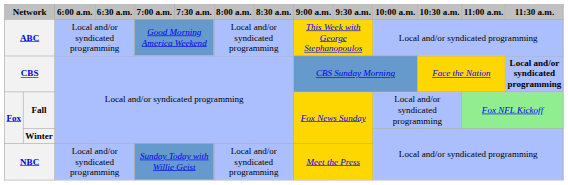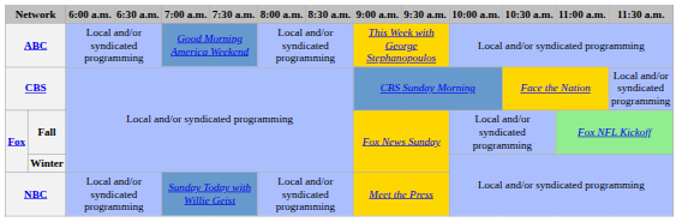 <table class="wikitable" style="width:100%;margin-right:0;font-size:90%;text-align:center">
 <tr>
 <th colspan="2" style="background:#C0C0C0; width:1.5%; text-align:center;">Network</th>
 <th width="4%" style="background:#C0C0C0; text-align:center;">6:00 a.m.</th>
 <th width="4%" style="background:#C0C0C0; text-align:center;">6:30 a.m.</th>
 <th width="4%" style="background:#C0C0C0; text-align:center;">7:00 a.m.</th>
 <th width="4%" style="background:#C0C0C0; text-align:center;">7:30 a.m.</th>
 <th width="4%" style="background:#C0C0C0; text-align:center;">8:00 a.m.</th>
 <th width="4%" style="background:#C0C0C0; text-align:center;">8:30 a.m.</th>
 <th width="4%" style="background:#C0C0C0; text-align:center;">9:00 a.m.</th>
 <th width="4%" style="background:#C0C0C0; text-align:center;">9:30 a.m.</th>
 <th width="4%" style="background:#C0C0C0; text-align:center;">10:00 a.m.</th>
 <th width="4%" style="background:#C0C0C0; text-align:center;">10:30 a.m.</th>
 <th width="4%" style="background:#C0C0C0; text-align:center;">11:00 a.m.</th>
 <th width="4%" style="background:#C0C0C0; text-align:center;">11:30 a.m.</th>
 </tr>
 <tr>
 <th colspan="2"><a href='#'>ABC</a></th>
 <td colspan="2" style="background:#abbfff;">Local and/or syndicated programming</td>
 <td colspan="2" style="background: #6699CC;"><em><a href='#'>Good Morning America Weekend</a></em></td>
 <td colspan="2" style="background:#abbfff;">Local and/or syndicated programming</td>
 <td colspan="2" style="background:#ffd700;"><em><a href='#'>This Week with George Stephanopoulos</a></em></td>
 <td colspan="4" style="background:#abbfff;">Local and/or syndicated programming</td>
 </tr>
 <tr>
 <th colspan="2"><a href='#'>CBS</a></th>
 <td colspan="6" rowspan="3" style="background:#abbfff;">Local and/or syndicated programming</td>
 <td colspan="3" style="background: #6699CC;"><em><a href='#'>CBS Sunday Morning</a></em></td>
 <td colspan="2" style="background:#ffd700;"><em><a href='#'>Face the Nation</a></em></td>
-<td style="background:#abbfff;"><strong>Local and/or syndicated programming</strong></td>
+<td style="background:#abbfff;">Local and/or syndicated programming</td>
 </tr>
 <tr>
 <th rowspan="2"><a href='#'>Fox</a></th>
 <th>Fall</th>
 <td colspan="2" rowspan="2" style="background: #ffd700;"><em><a href='#'>Fox News Sunday</a></em></td>
 <td colspan="2" rowspan="1" style="background:#abbfff">Local and/or syndicated programming</td>
 <td colspan="2" style="background:lightgreen;"><em><a href='#'>Fox NFL Kickoff</a></em></td>
 </tr>
 <tr>
 <th>Winter</th>
 <td colspan="4" rowspan="2" style="background:#abbfff">Local and/or syndicated programming</td>
 </tr>
 <tr>
 <th colspan="2"><a href='#'>NBC</a></th>
 <td colspan="2" style="background:#abbfff;">Local and/or syndicated programming</td>
 <td colspan="2" style="background: #6699CC;"><em><a href='#'>Sunday Today with Willie Geist</a></em></td>
 <td colspan="2" style="background:#abbfff;">Local and/or syndicated programming</td>
 <td colspan="2" style="background:#ffd700;"><em><a href='#'>Meet the Press</a></em></td>
 </tr>
 </table>
